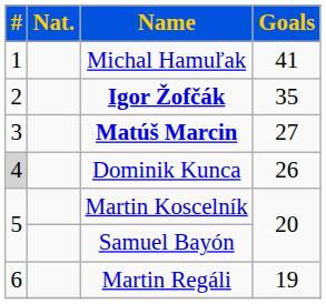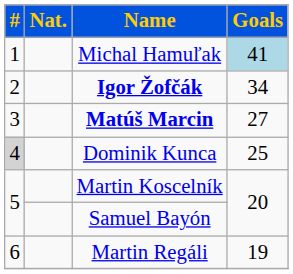 <table class="wikitable" style="text-align:center;">
 <tr>
 <th style="color:#FFCC00; background:#0153DE;">#</th>
 <th style="color:#FFCC00; background:#0153DE;">Nat.</th>
 <th style="color:#FFCC00; background:#0153DE;">Name</th>
 <th style="color:#FFCC00; background:#0153DE;">Goals</th>
 </tr>
 <tr>
 <td>1</td>
 <td></td>
 <td><a href='#'>Michal Hamuľak</a></td>
-<td>41</td>
+<td style="background: lightblue;">41</td>
 </tr>
 <tr>
 <td>2</td>
 <td></td>
 <td><strong><a href='#'>Igor Žofčák</a></strong></td>
-<td>35</td>
+<td>34</td>
 </tr>
 <tr>
 <td>3</td>
 <td></td>
 <td><strong><a href='#'>Matúš Marcin</a></strong></td>
 <td>27</td>
 </tr>
 <tr>
 <td style="background: lightgrey;">4</td>
 <td></td>
 <td><a href='#'>Dominik Kunca</a></td>
-<td>26</td>
+<td>25</td>
 </tr>
 <tr>
 <td rowspan="2">5</td>
 <td></td>
 <td><a href='#'>Martin Koscelník</a></td>
 <td rowspan="2">20</td>
 </tr>
 <tr>
 <td></td>
 <td><a href='#'>Samuel Bayón</a></td>
 </tr>
 <tr>
 <td>6</td>
 <td></td>
 <td><a href='#'>Martin Regáli</a></td>
 <td>19</td>
 </tr>
 <tr>
 </tr>
 </table>
